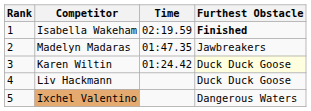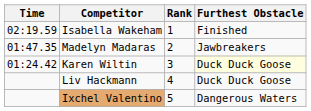 <table class="wikitable sortable mw-collapsible" style="display: inline-table;">
 <tr>
+<th>Time</th>
+<th>Competitor</th>
 <th>Rank</th>
-<th>Competitor</th>
-<th>Time</th>
 <th>Furthest Obstacle</th>
 </tr>
 <tr>
+<td>02:19.59</td>
+<td>Isabella Wakeham</td>
 <td>1</td>
-<td>Isabella Wakeham</td>
-<td>02:19.59</td>
-<td><strong>Finished</strong></td>
+<td>Finished</td>
 </tr>
 <tr>
+<td>01:47.35</td>
+<td>Madelyn Madaras</td>
 <td>2</td>
-<td>Madelyn Madaras</td>
-<td>01:47.35</td>
 <td>Jawbreakers</td>
 </tr>
 <tr>
+<td>01:24.42</td>
+<td>Karen Wiltin</td>
 <td>3</td>
-<td>Karen Wiltin</td>
-<td>01:24.42</td>
 <td style="background: lightyellow;">Duck Duck Goose</td>
 </tr>
 <tr>
+<td></td>
+<td>Liv Hackmann</td>
 <td>4</td>
-<td>Liv Hackmann</td>
-<td></td>
 <td>Duck Duck Goose</td>
 </tr>
 <tr>
+<td></td>
+<td style="background-color:#E5AA70">Ixchel Valentino</td>
 <td>5</td>
-<td style="background-color:#E5AA70">Ixchel Valentino</td>
-<td></td>
 <td>Dangerous Waters</td>
 </tr>
 </table>
